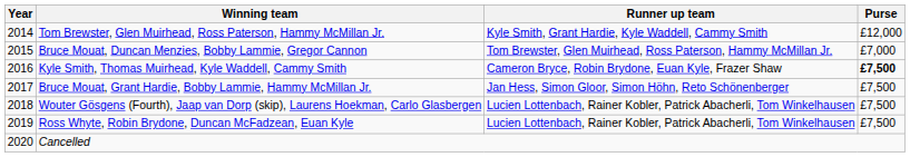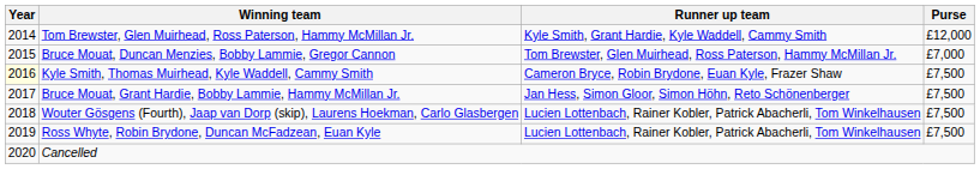 <table class="wikitable">
 <tr>
 <th>Year</th>
 <th>Winning team</th>
 <th>Runner up team</th>
 <th>Purse</th>
 </tr>
 <tr>
 <td>2014</td>
 <td> <a href='#'>Tom Brewster</a>, <a href='#'>Glen Muirhead</a>, <a href='#'>Ross Paterson</a>, <a href='#'>Hammy McMillan Jr.</a></td>
 <td> <a href='#'>Kyle Smith</a>, <a href='#'>Grant Hardie</a>, <a href='#'>Kyle Waddell</a>, <a href='#'>Cammy Smith</a></td>
 <td>£12,000</td>
 </tr>
 <tr>
 <td>2015</td>
 <td> <a href='#'>Bruce Mouat</a>, <a href='#'>Duncan Menzies</a>, <a href='#'>Bobby Lammie</a>, <a href='#'>Gregor Cannon</a></td>
 <td> <a href='#'>Tom Brewster</a>, <a href='#'>Glen Muirhead</a>, <a href='#'>Ross Paterson</a>, <a href='#'>Hammy McMillan Jr.</a></td>
 <td>£7,000</td>
 </tr>
 <tr>
-<td>2016</td>
+<td style="background: lightyellow;">2016</td>
 <td> <a href='#'>Kyle Smith</a>, <a href='#'>Thomas Muirhead</a>, <a href='#'>Kyle Waddell</a>, <a href='#'>Cammy Smith</a></td>
 <td> <a href='#'>Cameron Bryce</a>, <a href='#'>Robin Brydone</a>, <a href='#'>Euan Kyle</a>, Frazer Shaw</td>
-<td><strong>£7,500</strong></td>
+<td>£7,500</td>
 </tr>
 <tr>
 <td>2017</td>
 <td> <a href='#'>Bruce Mouat</a>, <a href='#'>Grant Hardie</a>, <a href='#'>Bobby Lammie</a>, <a href='#'>Hammy McMillan Jr.</a></td>
 <td> <a href='#'>Jan Hess</a>, <a href='#'>Simon Gloor</a>, <a href='#'>Simon Höhn</a>, <a href='#'>Reto Schönenberger</a></td>
 <td>£7,500</td>
 </tr>
 <tr>
 <td>2018</td>
 <td> <a href='#'>Wouter Gösgens</a> (Fourth), <a href='#'>Jaap van Dorp</a> (skip), <a href='#'>Laurens Hoekman</a>, <a href='#'>Carlo Glasbergen</a></td>
 <td> <a href='#'>Lucien Lottenbach</a>, Rainer Kobler, Patrick Abacherli, <a href='#'>Tom Winkelhausen</a></td>
 <td>£7,500</td>
 </tr>
 <tr>
 <td>2019</td>
 <td> <a href='#'>Ross Whyte</a>, <a href='#'>Robin Brydone</a>, <a href='#'>Duncan McFadzean</a>, <a href='#'>Euan Kyle</a></td>
 <td> <a href='#'>Lucien Lottenbach</a>, Rainer Kobler, Patrick Abacherli, <a href='#'>Tom Winkelhausen</a></td>
 <td>£7,500</td>
 </tr>
 <tr>
 <td>2020</td>
 <td colspan="3"><em>Cancelled</em></td>
 </tr>
 </table>
